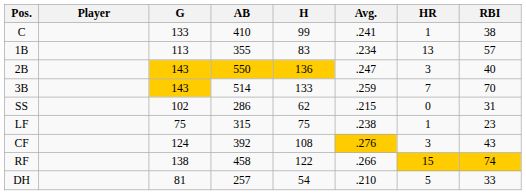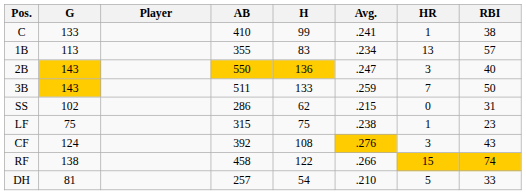 <table class="wikitable sortable">
 <tr>
 <th bgcolor="#DDDDFF" width="5%">Pos.</th>
+<th bgcolor="#DDDDFF" width="9%">G</th>
 <th bgcolor="#DDDDFF" width="16%">Player</th>
-<th bgcolor="#DDDDFF" width="9%">G</th>
 <th bgcolor="#DDDDFF" width="9%">AB</th>
 <th bgcolor="#DDDDFF" width="9%">H</th>
 <th bgcolor="#DDDDFF" width="9%">Avg.</th>
 <th bgcolor="#DDDDFF" width="9%">HR</th>
 <th bgcolor="#DDDDFF" width="9%">RBI</th>
 </tr>
 <tr align="center">
 <td>C</td>
+<td>133</td>
 <td></td>
-<td>133</td>
 <td>410</td>
 <td>99</td>
 <td>.241</td>
 <td>1</td>
 <td>38</td>
 </tr>
 <tr align="center">
 <td>1B</td>
+<td>113</td>
 <td></td>
-<td>113</td>
 <td>355</td>
 <td>83</td>
 <td>.234</td>
 <td>13</td>
 <td>57</td>
 </tr>
 <tr align="center">
 <td>2B</td>
+<td style="background:#fc0;">143</td>
 <td></td>
-<td style="background:#fc0;">143</td>
 <td style="background:#fc0;">550</td>
 <td style="background:#fc0;">136</td>
 <td>.247</td>
 <td>3</td>
 <td>40</td>
 </tr>
 <tr align="center">
 <td>3B</td>
+<td style="background:#fc0;">143</td>
 <td></td>
-<td style="background:#fc0;">143</td>
-<td>514</td>
+<td>511</td>
 <td>133</td>
 <td>.259</td>
 <td>7</td>
-<td>70</td>
+<td>50</td>
 </tr>
 <tr align="center">
 <td>SS</td>
+<td>102</td>
 <td></td>
-<td>102</td>
 <td>286</td>
 <td>62</td>
 <td>.215</td>
 <td>0</td>
 <td>31</td>
 </tr>
 <tr align="center">
 <td>LF</td>
+<td>75</td>
 <td></td>
-<td>75</td>
 <td>315</td>
 <td>75</td>
 <td>.238</td>
 <td>1</td>
 <td>23</td>
 </tr>
 <tr align="center">
 <td>CF</td>
+<td>124</td>
 <td></td>
-<td>124</td>
 <td>392</td>
 <td>108</td>
 <td style="background:#fc0;">.276</td>
 <td>3</td>
 <td>43</td>
 </tr>
 <tr align="center">
 <td>RF</td>
+<td>138</td>
 <td></td>
-<td>138</td>
 <td>458</td>
 <td>122</td>
 <td>.266</td>
 <td style="background:#fc0;">15</td>
 <td style="background:#fc0;">74</td>
 </tr>
 <tr align="center">
 <td>DH</td>
+<td>81</td>
 <td></td>
-<td>81</td>
 <td>257</td>
 <td>54</td>
 <td>.210</td>
 <td>5</td>
 <td>33</td>
 </tr>
 </table>
